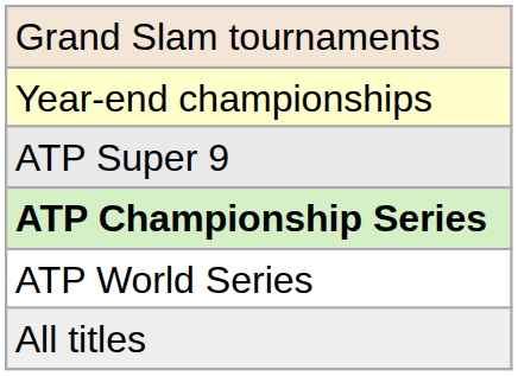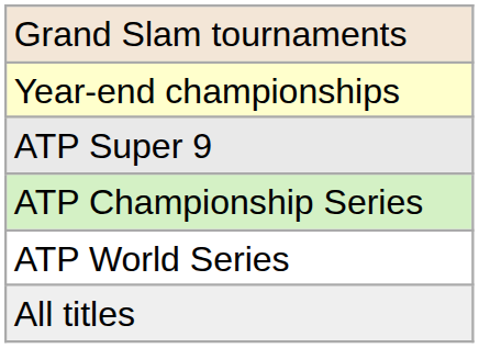 <table class="wikitable" style="font-size:89%;" width=15%>
 <tr bgcolor="#F3E6D7">
 <td>Grand Slam tournaments</td>
 </tr>
 <tr bgcolor="#ffffcc">
 <td>Year-end championships</td>
 </tr>
 <tr bgcolor="#E9E9E9">
 <td>ATP Super 9</td>
 </tr>
 <tr bgcolor="#D4F1C5">
-<td><strong>ATP Championship Series</strong></td>
+<td>ATP Championship Series</td>
 </tr>
 <tr bgcolor="#ffffff">
 <td>ATP World Series</td>
 </tr>
 <tr bgcolor="#efefef">
 <td>All titles</td>
 </tr>
 </table>
